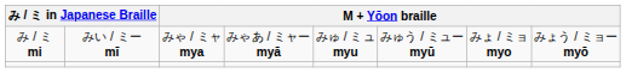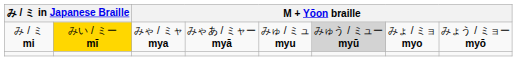 <table class="wikitable nowrap" style="text-align:center">
 <tr>
 <th colspan=2>み / ミ in <a href='#'>Japanese Braille</a></th>
 <th colspan=6>M + <a href='#'>Yōon</a> braille</th>
 </tr>
 <tr>
 <td>み / ミ <br><strong>mi</strong></td>
-<td>みい / ミー <br><strong>mī</strong></td>
+<td style="background: gold;">みい / ミー <br><strong>mī</strong></td>
 <td>みゃ / ミャ <br><strong>mya</strong></td>
 <td>みゃあ / ミャー <br><strong>myā</strong></td>
 <td>みゅ / ミュ <br><strong>myu</strong></td>
-<td>みゅう / ミュー <br><strong>myū</strong></td>
+<td style="background: lightgrey;">みゅう / ミュー <br><strong>myū</strong></td>
 <td>みょ / ミョ <br><strong>myo</strong></td>
 <td>みょう / ミョー <br><strong>myō</strong></td>
 </tr>
 <tr>
 <td></td>
 <td></td>
 <td></td>
 <td></td>
 <td></td>
 <td></td>
 <td></td>
 <td></td>
 </tr>
 </table>
